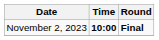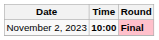 <table class="wikitable">
 <tr>
 <th>Date</th>
 <th>Time</th>
 <th>Round</th>
 </tr>
 <tr>
 <td>November 2, 2023</td>
 <td><strong>10:00</strong></td>
-<td><strong>Final</strong></td>
+<td style="background: pink;"><strong>Final</strong></td>
 </tr>
 <tr>
 </tr>
 </table>
